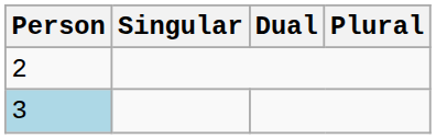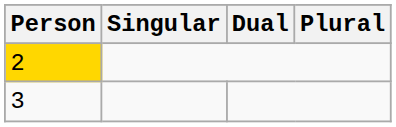 <table class="wikitable">
 <tr>
 <th>Person</th>
 <th>Singular</th>
 <th>Dual</th>
 <th>Plural</th>
 </tr>
 <tr>
-<td>2</td>
+<td style="background: gold;">2</td>
 <td colspan="3"></td>
 </tr>
 <tr>
-<td style="background: lightblue;">3</td>
+<td>3</td>
 <td></td>
 <td colspan="2"></td>
 </tr>
 </table>
